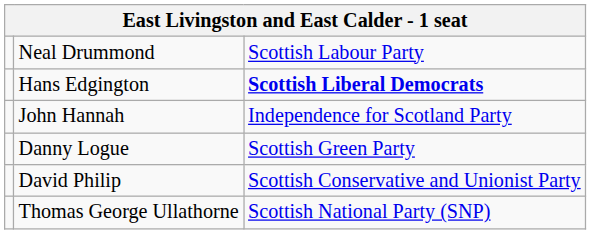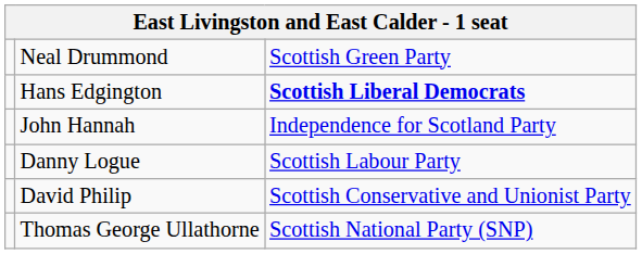 <table class="wikitable">
 <tr>
 <th colspan="3">East Livingston and East Calder - 1 seat</th>
 </tr>
 <tr>
 <td rowspan=1; style="background-color: "></td>
 <td>Neal Drummond</td>
-<td><a href='#'>Scottish Labour Party</a></td>
+<td><a href='#'>Scottish Green Party</a></td>
 </tr>
 <tr>
 <td rowspan=1; style="background-color: "></td>
 <td>Hans Edgington</td>
 <td><strong><a href='#'>Scottish Liberal Democrats</a></strong></td>
 </tr>
 <tr>
 <td rowspan=1; style="background-color: "></td>
 <td>John Hannah</td>
 <td><a href='#'>Independence for Scotland Party</a></td>
 </tr>
 <tr>
 <td rowspan=1; style="background-color: "></td>
 <td>Danny Logue</td>
-<td><a href='#'>Scottish Green Party</a></td>
+<td><a href='#'>Scottish Labour Party</a></td>
 </tr>
 <tr>
 <td rowspan=1; style="background-color: "></td>
 <td>David Philip</td>
 <td><a href='#'>Scottish Conservative and Unionist Party</a></td>
 </tr>
 <tr>
 <td rowspan=1; style="background-color: "></td>
 <td>Thomas George Ullathorne</td>
 <td><a href='#'>Scottish National Party (SNP)</a></td>
 </tr>
 </table>
